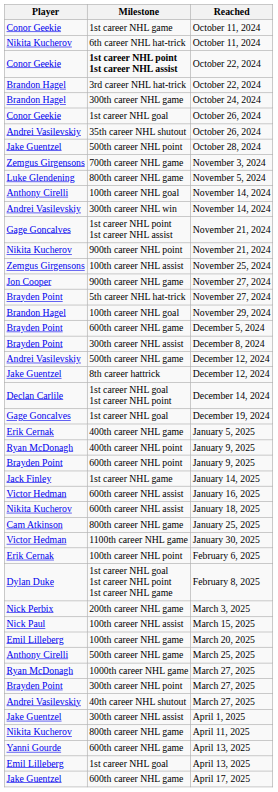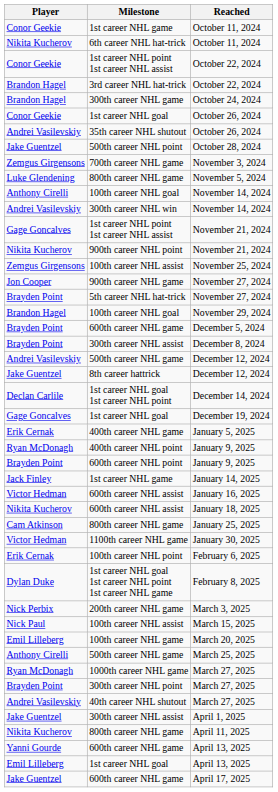 <table class="wikitable sortable">
 <tr align=center>
 <th>Player</th>
 <th>Milestone</th>
 <th data-sort-type="date">Reached</th>
 </tr>
 <tr>
 <td><a href='#'>Conor Geekie</a></td>
 <td>1st career NHL game</td>
 <td>October 11, 2024</td>
 </tr>
 <tr>
 <td><a href='#'>Nikita Kucherov</a></td>
 <td>6th career NHL hat-trick</td>
 <td>October 11, 2024</td>
 </tr>
 <tr>
 <td><a href='#'>Conor Geekie</a></td>
-<td><strong>1st career NHL point<br>1st career NHL assist</strong></td>
+<td>1st career NHL point<br>1st career NHL assist</td>
 <td>October 22, 2024</td>
 </tr>
 <tr>
 <td><a href='#'>Brandon Hagel</a></td>
 <td>3rd career NHL hat-trick</td>
 <td>October 22, 2024</td>
 </tr>
 <tr>
 <td><a href='#'>Brandon Hagel</a></td>
 <td>300th career NHL game</td>
 <td>October 24, 2024</td>
 </tr>
 <tr>
 <td><a href='#'>Conor Geekie</a></td>
 <td>1st career NHL goal</td>
 <td>October 26, 2024</td>
 </tr>
 <tr>
 <td><a href='#'>Andrei Vasilevskiy</a></td>
 <td>35th career NHL shutout</td>
 <td>October 26, 2024</td>
 </tr>
 <tr>
 <td><a href='#'>Jake Guentzel</a></td>
 <td>500th career NHL point</td>
 <td>October 28, 2024</td>
 </tr>
 <tr>
 <td><a href='#'>Zemgus Girgensons</a></td>
 <td>700th career NHL game</td>
 <td>November 3, 2024</td>
 </tr>
 <tr>
 <td><a href='#'>Luke Glendening</a></td>
 <td>800th career NHL game</td>
 <td>November 5, 2024</td>
 </tr>
 <tr>
 <td><a href='#'>Anthony Cirelli</a></td>
 <td>100th career NHL goal</td>
 <td>November 14, 2024</td>
 </tr>
 <tr>
 <td><a href='#'>Andrei Vasilevskiy</a></td>
 <td>300th career NHL win</td>
 <td>November 14, 2024</td>
 </tr>
 <tr>
 <td><a href='#'>Gage Goncalves</a></td>
 <td>1st career NHL point<br>1st career NHL assist</td>
 <td>November 21, 2024</td>
 </tr>
 <tr>
 <td><a href='#'>Nikita Kucherov</a></td>
 <td>900th career NHL point</td>
 <td>November 21, 2024</td>
 </tr>
 <tr>
 <td><a href='#'>Zemgus Girgensons</a></td>
 <td>100th career NHL assist</td>
 <td>November 25, 2024</td>
 </tr>
 <tr>
 <td><a href='#'>Jon Cooper</a></td>
 <td>900th career NHL game</td>
 <td>November 27, 2024</td>
 </tr>
 <tr>
 <td><a href='#'>Brayden Point</a></td>
 <td>5th career NHL hat-trick</td>
 <td>November 27, 2024</td>
 </tr>
 <tr>
 <td><a href='#'>Brandon Hagel</a></td>
 <td>100th career NHL goal</td>
 <td>November 29, 2024</td>
 </tr>
 <tr>
 <td><a href='#'>Brayden Point</a></td>
 <td>600th career NHL game</td>
 <td>December 5, 2024</td>
 </tr>
 <tr>
 <td><a href='#'>Brayden Point</a></td>
 <td>300th career NHL assist</td>
 <td>December 8, 2024</td>
 </tr>
 <tr>
 <td><a href='#'>Andrei Vasilevskiy</a></td>
 <td>500th career NHL game</td>
 <td>December 12, 2024</td>
 </tr>
 <tr>
 <td><a href='#'>Jake Guentzel</a></td>
 <td>8th career hattrick</td>
 <td>December 12, 2024</td>
 </tr>
 <tr>
 <td><a href='#'>Declan Carlile</a></td>
 <td>1st career NHL goal<br>1st career NHL point</td>
 <td>December 14, 2024</td>
 </tr>
 <tr>
 <td><a href='#'>Gage Goncalves</a></td>
 <td>1st career NHL goal</td>
 <td>December 19, 2024</td>
 </tr>
 <tr>
 <td><a href='#'>Erik Cernak</a></td>
 <td>400th career NHL game</td>
 <td>January 5, 2025</td>
 </tr>
 <tr>
 <td><a href='#'>Ryan McDonagh</a></td>
 <td>400th career NHL point</td>
 <td>January 9, 2025</td>
 </tr>
 <tr>
 <td><a href='#'>Brayden Point</a></td>
 <td>600th career NHL point</td>
 <td>January 9, 2025</td>
 </tr>
 <tr>
 <td><a href='#'>Jack Finley</a></td>
 <td>1st career NHL game</td>
 <td>January 14, 2025</td>
 </tr>
 <tr>
 <td><a href='#'>Victor Hedman</a></td>
 <td>600th career NHL assist</td>
 <td>January 16, 2025</td>
 </tr>
 <tr>
 <td><a href='#'>Nikita Kucherov</a></td>
 <td>600th career NHL assist</td>
 <td>January 18, 2025</td>
 </tr>
 <tr>
 <td><a href='#'>Cam Atkinson</a></td>
 <td>800th career NHL game</td>
 <td>January 25, 2025</td>
 </tr>
 <tr>
 <td><a href='#'>Victor Hedman</a></td>
 <td>1100th career NHL game</td>
 <td>January 30, 2025</td>
 </tr>
 <tr>
 <td><a href='#'>Erik Cernak</a></td>
 <td>100th career NHL point</td>
 <td>February 6, 2025</td>
 </tr>
 <tr>
 <td><a href='#'>Dylan Duke</a></td>
 <td>1st career NHL goal<br>1st career NHL point<br>1st career NHL game</td>
 <td>February 8, 2025</td>
 </tr>
 <tr>
 <td><a href='#'>Nick Perbix</a></td>
 <td>200th career NHL game</td>
 <td>March 3, 2025</td>
 </tr>
 <tr>
 <td><a href='#'>Nick Paul</a></td>
 <td>100th career NHL assist</td>
 <td>March 15, 2025</td>
 </tr>
 <tr>
 <td><a href='#'>Emil Lilleberg</a></td>
 <td>100th career NHL game</td>
 <td>March 20, 2025</td>
 </tr>
 <tr>
 <td><a href='#'>Anthony Cirelli</a></td>
 <td>500th career NHL game</td>
 <td>March 25, 2025</td>
 </tr>
 <tr>
 <td><a href='#'>Ryan McDonagh</a></td>
 <td>1000th career NHL game</td>
 <td>March 27, 2025</td>
 </tr>
 <tr>
 <td><a href='#'>Brayden Point</a></td>
 <td>300th career NHL point</td>
 <td>March 27, 2025</td>
 </tr>
 <tr>
 <td><a href='#'>Andrei Vasilevskiy</a></td>
 <td>40th career NHL shutout</td>
 <td>March 27, 2025</td>
 </tr>
 <tr>
 <td><a href='#'>Jake Guentzel</a></td>
 <td>300th career NHL assist</td>
 <td>April 1, 2025</td>
 </tr>
 <tr>
 <td><a href='#'>Nikita Kucherov</a></td>
 <td>800th career NHL game</td>
 <td>April 11, 2025</td>
 </tr>
 <tr>
 <td><a href='#'>Yanni Gourde</a></td>
 <td>600th career NHL game</td>
 <td>April 13, 2025</td>
 </tr>
 <tr>
 <td><a href='#'>Emil Lilleberg</a></td>
 <td>1st career NHL goal</td>
 <td>April 13, 2025</td>
 </tr>
 <tr>
 <td><a href='#'>Jake Guentzel</a></td>
 <td>600th career NHL game</td>
 <td>April 17, 2025</td>
 </tr>
 </table>
